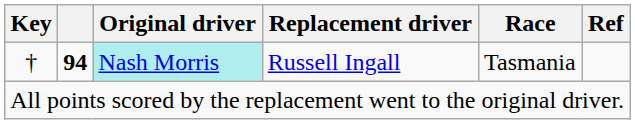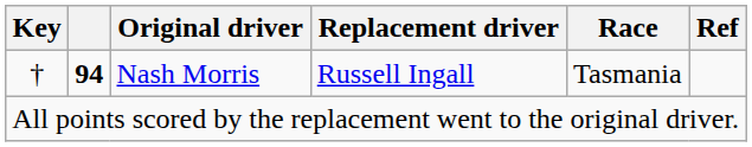 <table class="wikitable">
 <tr>
 <th>Key</th>
 <th></th>
 <th>Original driver</th>
 <th>Replacement driver</th>
 <th>Race</th>
 <th>Ref</th>
 </tr>
 <tr>
 <td align=center>†</td>
 <td><strong>94</strong></td>
-<td style="background: paleturquoise;"><a href='#'>Nash Morris</a></td>
+<td><a href='#'>Nash Morris</a></td>
 <td><a href='#'>Russell Ingall</a></td>
 <td>Tasmania</td>
 <td></td>
 </tr>
 <tr>
 <td colspan=6 align=center>All points scored by the replacement went to the original driver.</td>
 </tr>
 </table>
